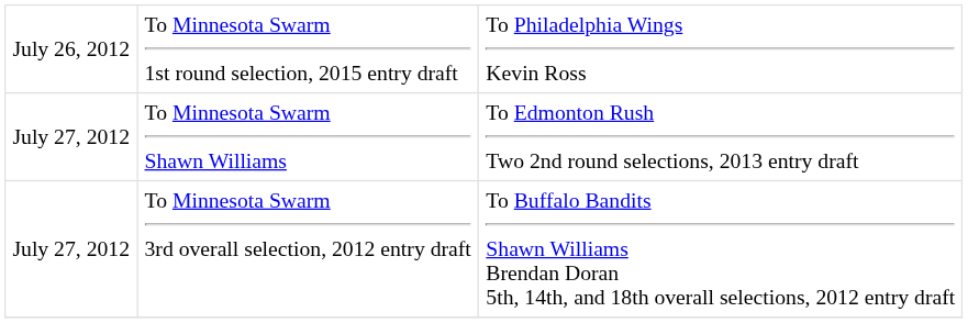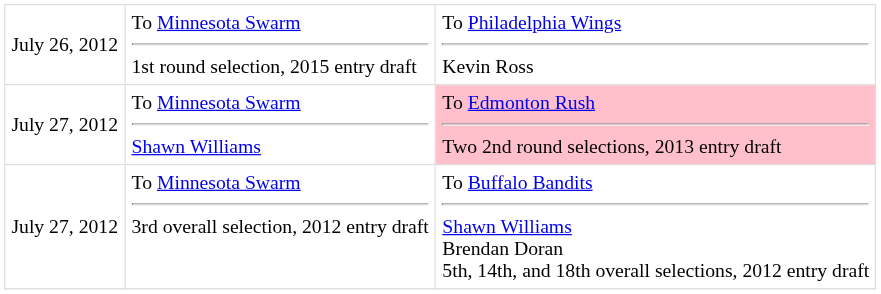 <table border=1 style="border-collapse:collapse" bordercolor="#DFDFDF"  cellpadding="5">
 <tr>
 <td>July 26, 2012</td>
 <td valign="top">To <a href='#'>Minnesota Swarm</a><hr>1st round selection, 2015 entry draft</td>
 <td valign="top">To <a href='#'>Philadelphia Wings</a><hr>Kevin Ross</td>
 </tr>
 <tr>
 <td>July 27, 2012</td>
 <td valign="top">To <a href='#'>Minnesota Swarm</a><hr><a href='#'>Shawn Williams</a></td>
-<td valign="top">To <a href='#'>Edmonton Rush</a><hr>Two 2nd round selections, 2013 entry draft</td>
+<td valign="top" style="background: pink;">To <a href='#'>Edmonton Rush</a><hr>Two 2nd round selections, 2013 entry draft</td>
 </tr>
 <tr>
 <td>July 27, 2012</td>
 <td valign="top">To <a href='#'>Minnesota Swarm</a><hr>3rd overall selection, 2012 entry draft</td>
 <td valign="top">To <a href='#'>Buffalo Bandits</a><hr><a href='#'>Shawn Williams</a><br>Brendan Doran<br>5th, 14th, and 18th overall selections, 2012 entry draft</td>
 </tr>
 <tr>
 </tr>
 </table>
